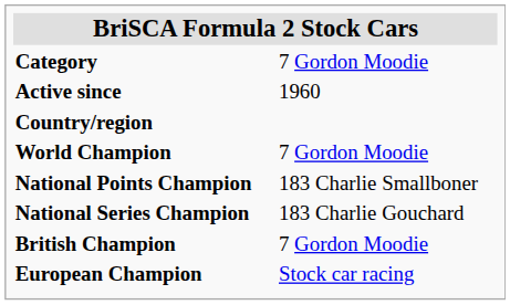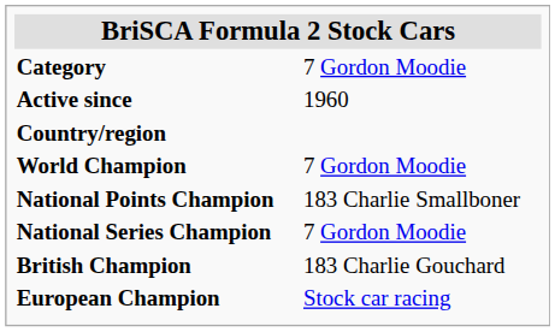 <table class="infobox" style="font-size: 90%; width: 24em;">
 <tr>
 <th colspan=2 style="text-align: center; font-size: larger; background:#dfdfdf;">BriSCA Formula 2 Stock Cars</th>
 </tr>
 <tr>
 <td><strong>Category</strong></td>
 <td> 7 <a href='#'>Gordon Moodie</a></td>
 </tr>
 <tr>
 <td><strong>Active since</strong></td>
 <td>1960</td>
 </tr>
 <tr>
 <td><strong>Country/region</strong></td>
 <td><br> </td>
 </tr>
 <tr>
 <td><strong>World Champion</strong></td>
 <td> 7 <a href='#'>Gordon Moodie</a></td>
 </tr>
 <tr>
 <td><strong>National Points Champion</strong></td>
 <td> 183 Charlie Smallboner</td>
 </tr>
 <tr>
 <td><strong>National Series Champion</strong></td>
-<td> 183 Charlie Gouchard</td>
+<td> 7 <a href='#'>Gordon Moodie</a></td>
 </tr>
 <tr>
 <td><strong>British Champion</strong></td>
-<td> 7 <a href='#'>Gordon Moodie</a></td>
+<td> 183 Charlie Gouchard</td>
 </tr>
 <tr>
 <td><strong>European Champion</strong></td>
 <td><a href='#'>Stock car racing</a></td>
 </tr>
 <tr>
 </tr>
 </table>
